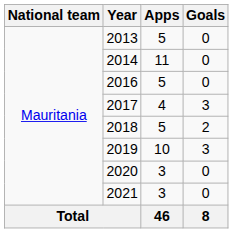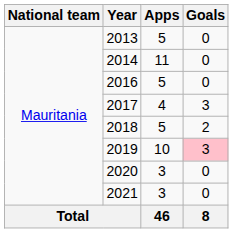 <table class="wikitable" style="text-align: center;">
 <tr>
 <th>National team</th>
 <th>Year</th>
 <th>Apps</th>
 <th>Goals</th>
 </tr>
 <tr>
 <td rowspan="8"><a href='#'>Mauritania</a></td>
 <td>2013</td>
 <td>5</td>
 <td>0</td>
 </tr>
 <tr>
 <td>2014</td>
 <td>11</td>
 <td>0</td>
 </tr>
 <tr>
 <td>2016</td>
 <td>5</td>
 <td>0</td>
 </tr>
 <tr>
 <td>2017</td>
 <td>4</td>
 <td>3</td>
 </tr>
 <tr>
 <td>2018</td>
 <td>5</td>
 <td>2</td>
 </tr>
 <tr>
 <td>2019</td>
 <td>10</td>
-<td>3</td>
+<td style="background: pink;">3</td>
 </tr>
 <tr>
 <td>2020</td>
 <td>3</td>
 <td>0</td>
 </tr>
 <tr>
 <td>2021</td>
 <td>3</td>
 <td>0</td>
 </tr>
 <tr>
 <th colspan="2">Total</th>
 <th>46</th>
 <th>8</th>
 </tr>
 </table>
